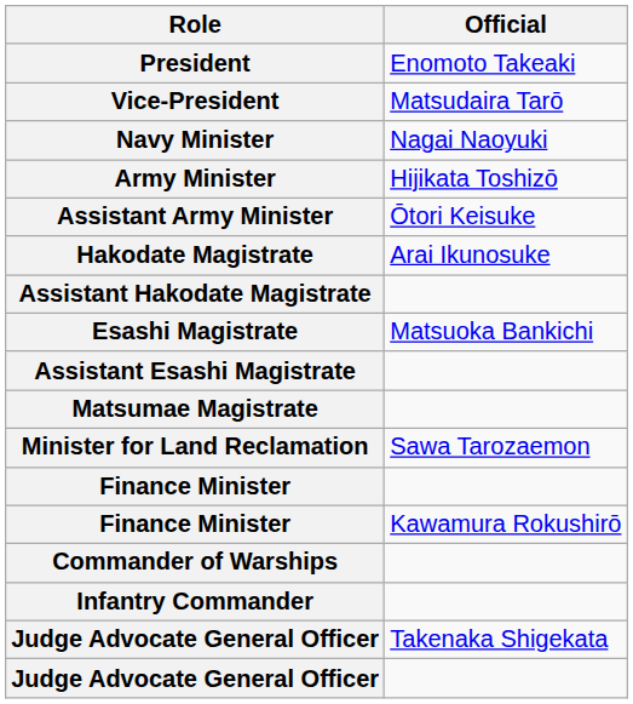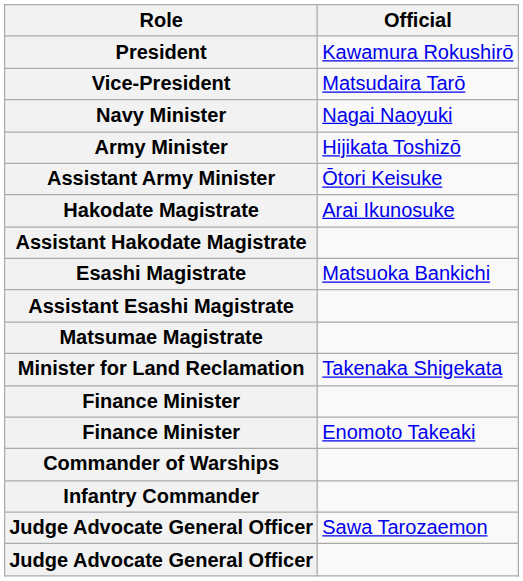 <table class="wikitable">
 <tr>
 <th>Role</th>
 <th>Official</th>
 </tr>
 <tr>
 <th>President</th>
-<td><a href='#'>Enomoto Takeaki</a></td>
+<td><a href='#'>Kawamura Rokushirō</a></td>
 </tr>
 <tr>
 <th>Vice-President</th>
 <td><a href='#'>Matsudaira Tarō</a></td>
 </tr>
 <tr>
 <th>Navy Minister</th>
 <td><a href='#'>Nagai Naoyuki</a></td>
 </tr>
 <tr>
 <th>Army Minister</th>
 <td><a href='#'>Hijikata Toshizō</a></td>
 </tr>
 <tr>
 <th>Assistant Army Minister</th>
 <td><a href='#'>Ōtori Keisuke</a></td>
 </tr>
 <tr>
 <th>Hakodate Magistrate</th>
 <td><a href='#'>Arai Ikunosuke</a></td>
 </tr>
 <tr>
 <th>Assistant Hakodate Magistrate</th>
 <td></td>
 </tr>
 <tr>
 <th>Esashi Magistrate</th>
 <td><a href='#'>Matsuoka Bankichi</a></td>
 </tr>
 <tr>
 <th>Assistant Esashi Magistrate</th>
 <td></td>
 </tr>
 <tr>
 <th>Matsumae Magistrate</th>
 <td></td>
 </tr>
 <tr>
 <th>Minister for Land Reclamation</th>
-<td><a href='#'>Sawa Tarozaemon</a></td>
+<td><a href='#'>Takenaka Shigekata</a></td>
 </tr>
 <tr>
 <th>Finance Minister</th>
 <td></td>
 </tr>
 <tr>
 <th>Finance Minister</th>
-<td><a href='#'>Kawamura Rokushirō</a></td>
+<td><a href='#'>Enomoto Takeaki</a></td>
 </tr>
 <tr>
 <th>Commander of Warships</th>
 <td></td>
 </tr>
 <tr>
 <th>Infantry Commander</th>
 <td></td>
 </tr>
 <tr>
 <th>Judge Advocate General Officer</th>
-<td><a href='#'>Takenaka Shigekata</a></td>
+<td><a href='#'>Sawa Tarozaemon</a></td>
 </tr>
 <tr>
 <th>Judge Advocate General Officer</th>
 <td></td>
 </tr>
 </table>
